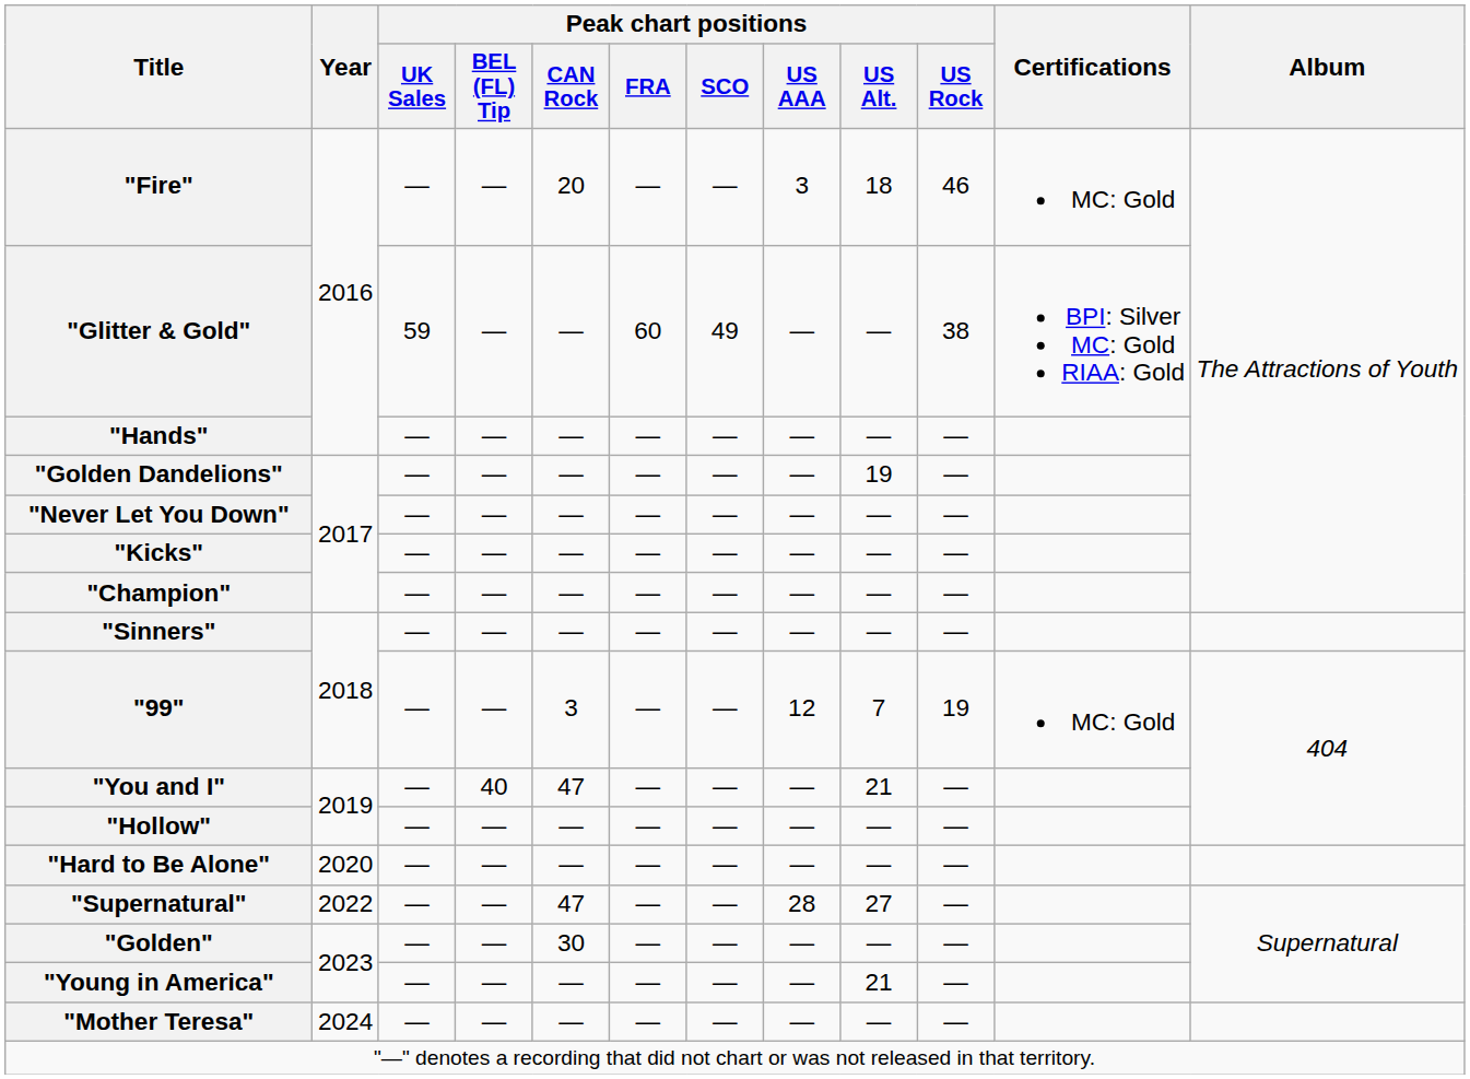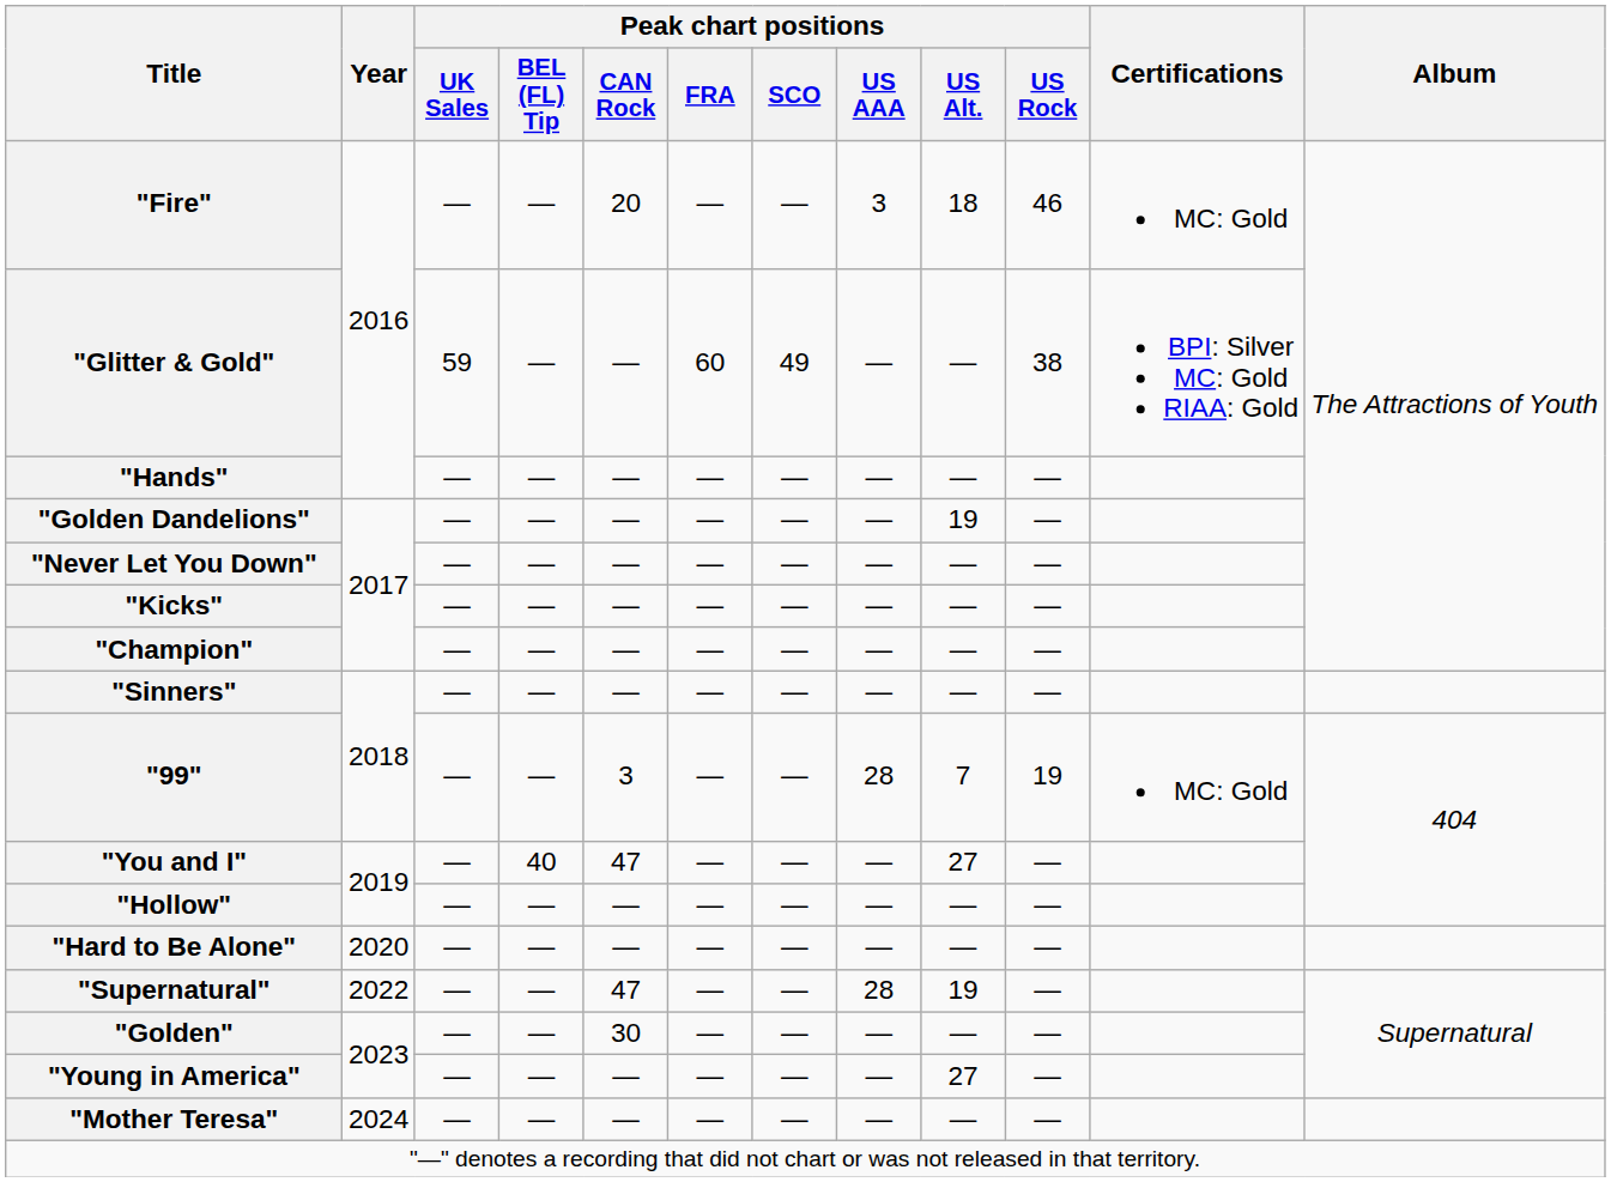 <table class="wikitable plainrowheaders" style="text-align:center;">
 <tr>
 <th scope="col" rowspan="2" style="width:12em;">Title</th>
 <th scope="col" rowspan="2">Year</th>
 <th scope="col" colspan="8">Peak chart positions</th>
 <th scope="col" rowspan="2">Certifications</th>
 <th scope="col" rowspan="2">Album</th>
 </tr>
 <tr>
 <th scope="col" style="width:3em;font-size:90%;"><a href='#'>UK<br>Sales</a><br></th>
 <th scope="col" style="width:3em;font-size:90%;"><a href='#'>BEL<br>(FL)<br>Tip</a><br></th>
 <th scope="col" style="width:3em;font-size:90%;"><a href='#'>CAN<br>Rock</a><br></th>
 <th scope="col" style="width:3em;font-size:90%;"><a href='#'>FRA</a><br></th>
 <th scope="col" style="width:3em;font-size:90%;"><a href='#'>SCO</a><br></th>
 <th scope="col" style="width:3em;font-size:90%;"><a href='#'>US AAA</a><br></th>
 <th scope="col" style="width:3em;font-size:90%;"><a href='#'>US Alt.</a><br></th>
 <th scope="col" style="width:3em;font-size:90%;"><a href='#'>US Rock</a><br></th>
 </tr>
 <tr>
 <th scope="row">"Fire"</th>
 <td rowspan="3">2016</td>
 <td>—</td>
 <td>—</td>
 <td>20</td>
 <td>—</td>
 <td>—</td>
 <td>3</td>
 <td>18</td>
 <td>46</td>
 <td><br><ul><li>MC: Gold</li></ul></td>
 <td rowspan="7"><em>The Attractions of Youth</em></td>
 </tr>
 <tr>
 <th scope="row">"Glitter & Gold"</th>
 <td>59</td>
 <td>—</td>
 <td>—</td>
 <td>60</td>
 <td>49</td>
 <td>—</td>
 <td>—</td>
 <td>38</td>
 <td><br><ul><li><a href='#'>BPI</a>: Silver</li><li><a href='#'>MC</a>: Gold</li><li><a href='#'>RIAA</a>: Gold</li></ul></td>
 </tr>
 <tr>
 <th scope="row">"Hands"</th>
 <td>—</td>
 <td>—</td>
 <td>—</td>
 <td>—</td>
 <td>—</td>
 <td>—</td>
 <td>—</td>
 <td>—</td>
 <td></td>
 </tr>
 <tr>
 <th scope="row">"Golden Dandelions"</th>
 <td rowspan="4">2017</td>
 <td>—</td>
 <td>—</td>
 <td>—</td>
 <td>—</td>
 <td>—</td>
 <td>—</td>
 <td>19</td>
 <td>—</td>
 <td></td>
 </tr>
 <tr>
 <th scope="row">"Never Let You Down"</th>
 <td>—</td>
 <td>—</td>
 <td>—</td>
 <td>—</td>
 <td>—</td>
 <td>—</td>
 <td>—</td>
 <td>—</td>
 <td></td>
 </tr>
 <tr>
 <th scope="row">"Kicks"</th>
 <td>—</td>
 <td>—</td>
 <td>—</td>
 <td>—</td>
 <td>—</td>
 <td>—</td>
 <td>—</td>
 <td>—</td>
 <td></td>
 </tr>
 <tr>
 <th scope="row">"Champion"</th>
 <td>—</td>
 <td>—</td>
 <td>—</td>
 <td>—</td>
 <td>—</td>
 <td>—</td>
 <td>—</td>
 <td>—</td>
 <td></td>
 </tr>
 <tr>
 <th scope="row">"Sinners"</th>
 <td rowspan="2">2018</td>
 <td>—</td>
 <td>—</td>
 <td>—</td>
 <td>—</td>
 <td>—</td>
 <td>—</td>
 <td>—</td>
 <td>—</td>
 <td></td>
 <td></td>
 </tr>
 <tr>
 <th scope="row">"99"</th>
 <td>—</td>
 <td>—</td>
 <td>3</td>
 <td>—</td>
 <td>—</td>
-<td>12</td>
+<td>28</td>
 <td>7</td>
 <td>19</td>
 <td><br><ul><li>MC: Gold</li></ul></td>
 <td rowspan="3"><em>404</em></td>
 </tr>
 <tr>
 <th scope="row">"You and I"</th>
 <td rowspan="2">2019</td>
 <td>—</td>
 <td>40</td>
 <td>47</td>
 <td>—</td>
 <td>—</td>
 <td>—</td>
-<td>21</td>
+<td>27</td>
 <td>—</td>
 <td></td>
 </tr>
 <tr>
 <th scope="row">"Hollow"</th>
 <td>—</td>
 <td>—</td>
 <td>—</td>
 <td>—</td>
 <td>—</td>
 <td>—</td>
 <td>—</td>
 <td>—</td>
 <td></td>
 </tr>
 <tr>
 <th scope="row">"Hard to Be Alone"</th>
 <td>2020</td>
 <td>—</td>
 <td>—</td>
 <td>—</td>
 <td>—</td>
 <td>—</td>
 <td>—</td>
 <td>—</td>
 <td>—</td>
 <td></td>
 <td></td>
 </tr>
 <tr>
 <th scope="row">"Supernatural"</th>
 <td>2022</td>
 <td>—</td>
 <td>—</td>
 <td>47</td>
 <td>—</td>
 <td>—</td>
 <td>28</td>
-<td>27</td>
+<td>19</td>
 <td>—</td>
 <td></td>
 <td rowspan="3"><em>Supernatural</em></td>
 </tr>
 <tr>
 <th scope="row">"Golden"</th>
 <td rowspan="2">2023</td>
 <td>—</td>
 <td>—</td>
 <td>30</td>
 <td>—</td>
 <td>—</td>
 <td>—</td>
 <td>—</td>
 <td>—</td>
 <td></td>
 </tr>
 <tr>
 <th scope="row">"Young in America"</th>
 <td>—</td>
 <td>—</td>
 <td>—</td>
 <td>—</td>
 <td>—</td>
 <td>—</td>
-<td>21</td>
+<td>27</td>
 <td>—</td>
 <td></td>
 </tr>
 <tr>
 <th scope="row">"Mother Teresa"</th>
 <td>2024</td>
 <td>—</td>
 <td>—</td>
 <td>—</td>
 <td>—</td>
 <td>—</td>
 <td>—</td>
 <td>—</td>
 <td>—</td>
 <td></td>
 <td></td>
 </tr>
 <tr>
 <td colspan="15" style="font-size:85%">"—" denotes a recording that did not chart or was not released in that territory.</td>
 </tr>
 </table>
